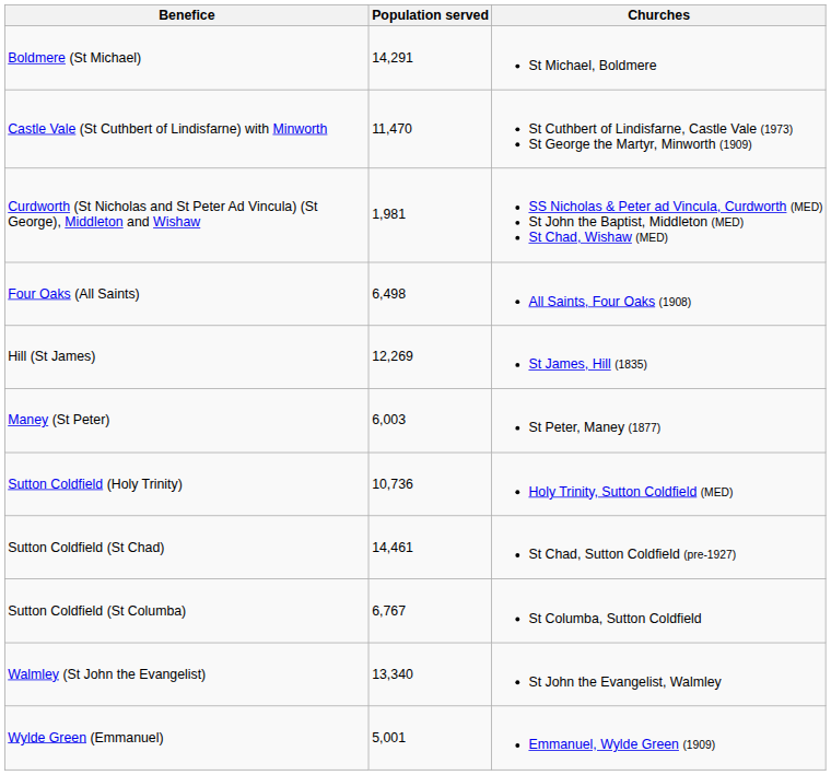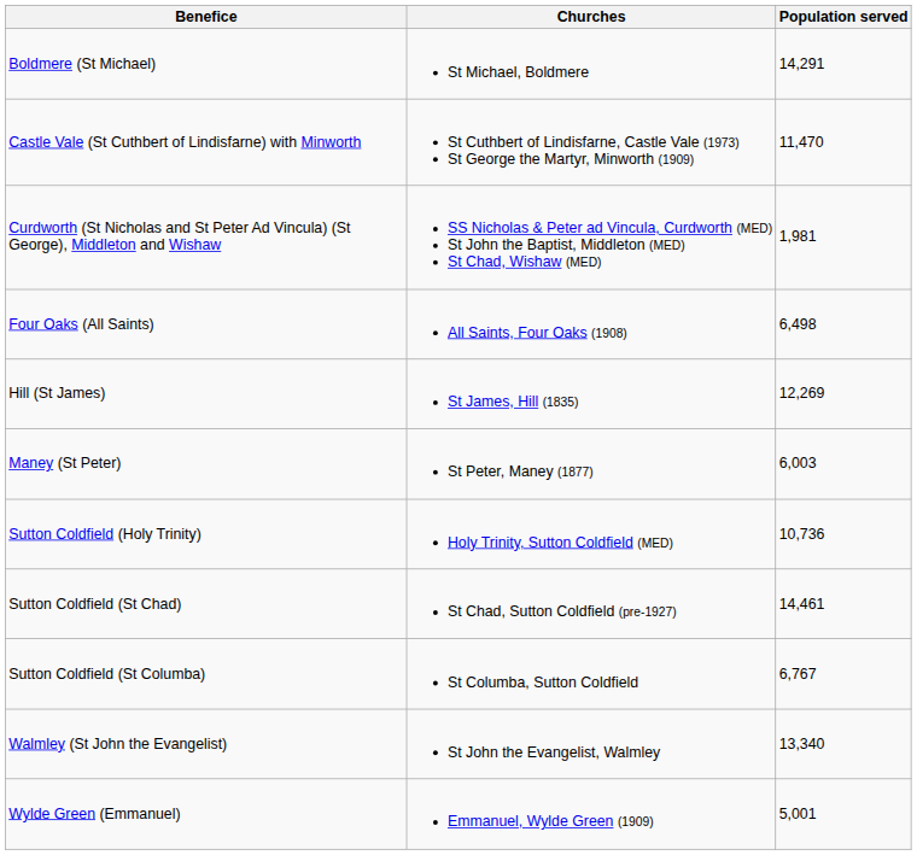 <table class="wikitable">
 <tr>
 <th width="425">Benefice</th>
+<th>Churches</th>
 <th>Population served</th>
-<th>Churches</th>
 </tr>
 <tr>
 <td><a href='#'>Boldmere</a> (St Michael)</td>
+<td><br><ul><li>St Michael, Boldmere</li></ul></td>
 <td>14,291</td>
-<td><br><ul><li>St Michael, Boldmere</li></ul></td>
 </tr>
 <tr>
 <td><a href='#'>Castle Vale</a> (St Cuthbert of Lindisfarne) with <a href='#'>Minworth</a></td>
+<td><br><ul><li>St Cuthbert of Lindisfarne, Castle Vale <small>(1973)</small></li><li>St George the Martyr, Minworth <small>(1909)</small></li></ul></td>
 <td>11,470</td>
-<td><br><ul><li>St Cuthbert of Lindisfarne, Castle Vale <small>(1973)</small></li><li>St George the Martyr, Minworth <small>(1909)</small></li></ul></td>
 </tr>
 <tr>
 <td><a href='#'>Curdworth</a> (St Nicholas and St Peter Ad Vincula) (St George), <a href='#'>Middleton</a> and <a href='#'>Wishaw</a></td>
+<td><br><ul><li><a href='#'>SS Nicholas & Peter ad Vincula, Curdworth</a> <small>(MED)</small></li><li>St John the Baptist, Middleton <small>(MED)</small></li><li><a href='#'>St Chad, Wishaw</a> <small>(MED)</small></li></ul></td>
 <td>1,981</td>
-<td><br><ul><li><a href='#'>SS Nicholas & Peter ad Vincula, Curdworth</a> <small>(MED)</small></li><li>St John the Baptist, Middleton <small>(MED)</small></li><li><a href='#'>St Chad, Wishaw</a> <small>(MED)</small></li></ul></td>
 </tr>
 <tr>
 <td><a href='#'>Four Oaks</a> (All Saints)</td>
+<td><br><ul><li><a href='#'>All Saints, Four Oaks</a> <small>(1908)</small></li></ul></td>
 <td>6,498</td>
-<td><br><ul><li><a href='#'>All Saints, Four Oaks</a> <small>(1908)</small></li></ul></td>
 </tr>
 <tr>
 <td>Hill (St James)</td>
+<td><br><ul><li><a href='#'>St James, Hill</a> <small>(1835)</small></li></ul></td>
 <td>12,269</td>
-<td><br><ul><li><a href='#'>St James, Hill</a> <small>(1835)</small></li></ul></td>
 </tr>
 <tr>
 <td><a href='#'>Maney</a> (St Peter)</td>
+<td><br><ul><li>St Peter, Maney <small>(1877)</small></li></ul></td>
 <td>6,003</td>
-<td><br><ul><li>St Peter, Maney <small>(1877)</small></li></ul></td>
 </tr>
 <tr>
 <td><a href='#'>Sutton Coldfield</a> (Holy Trinity)</td>
+<td><br><ul><li><a href='#'>Holy Trinity, Sutton Coldfield</a> <small>(MED)</small></li></ul></td>
 <td>10,736</td>
-<td><br><ul><li><a href='#'>Holy Trinity, Sutton Coldfield</a> <small>(MED)</small></li></ul></td>
 </tr>
 <tr>
 <td>Sutton Coldfield (St Chad)</td>
+<td><br><ul><li>St Chad, Sutton Coldfield <small>(pre-1927)</small></li></ul></td>
 <td>14,461</td>
-<td><br><ul><li>St Chad, Sutton Coldfield <small>(pre-1927)</small></li></ul></td>
 </tr>
 <tr>
 <td>Sutton Coldfield (St Columba)</td>
+<td><br><ul><li>St Columba, Sutton Coldfield</li></ul></td>
 <td>6,767</td>
-<td><br><ul><li>St Columba, Sutton Coldfield</li></ul></td>
 </tr>
 <tr>
 <td><a href='#'>Walmley</a> (St John the Evangelist)</td>
+<td><br><ul><li>St John the Evangelist, Walmley</li></ul></td>
 <td>13,340</td>
-<td><br><ul><li>St John the Evangelist, Walmley</li></ul></td>
 </tr>
 <tr>
 <td><a href='#'>Wylde Green</a> (Emmanuel)</td>
+<td><br><ul><li><a href='#'>Emmanuel, Wylde Green</a> <small>(1909)</small></li></ul></td>
 <td>5,001</td>
-<td><br><ul><li><a href='#'>Emmanuel, Wylde Green</a> <small>(1909)</small></li></ul></td>
 </tr>
 </table>
